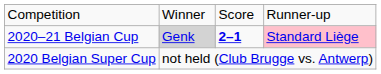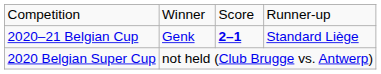 <table class="wikitable">
 <tr>
 <td>Competition</td>
 <td>Winner</td>
 <td>Score</td>
 <td>Runner-up</td>
 </tr>
 <tr>
 <td align=left><a href='#'>2020–21 Belgian Cup</a></td>
-<td style="background: lightgrey;"><a href='#'>Genk</a></td>
+<td><a href='#'>Genk</a></td>
 <td align=left><strong><a href='#'>2–1</a></strong></td>
-<td style="background: pink;"><a href='#'>Standard Liège</a></td>
+<td><a href='#'>Standard Liège</a></td>
 </tr>
 <tr>
 <td><a href='#'>2020 Belgian Super Cup</a></td>
 <td colspan=3>not held (<a href='#'>Club Brugge</a> vs. <a href='#'>Antwerp</a>)</td>
 </tr>
 </table>
